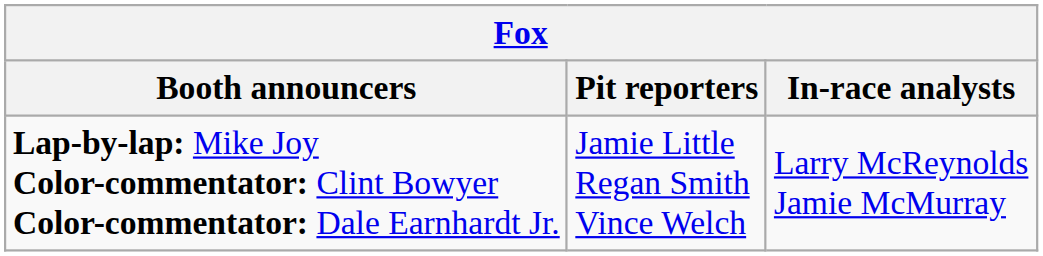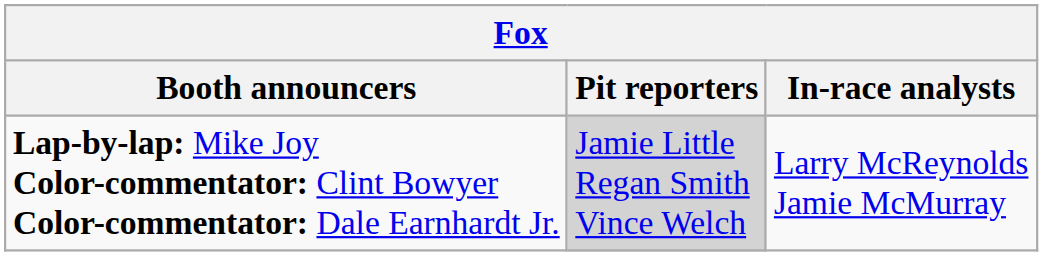 <table class="wikitable" style="font-size: 95%">
 <tr>
 <th colspan="3"><a href='#'>Fox</a></th>
 </tr>
 <tr>
 <th>Booth announcers</th>
 <th>Pit reporters</th>
 <th>In-race analysts</th>
 </tr>
 <tr>
 <td><strong>Lap-by-lap:</strong> <a href='#'>Mike Joy</a><br><strong>Color-commentator:</strong> <a href='#'>Clint Bowyer</a><br><strong>Color-commentator:</strong> <a href='#'>Dale Earnhardt Jr.</a></td>
-<td><a href='#'>Jamie Little</a><br><a href='#'>Regan Smith</a><br><a href='#'>Vince Welch</a></td>
+<td style="background: lightgrey;"><a href='#'>Jamie Little</a><br><a href='#'>Regan Smith</a><br><a href='#'>Vince Welch</a></td>
 <td><a href='#'>Larry McReynolds</a><br><a href='#'>Jamie McMurray</a></td>
 </tr>
 </table>
